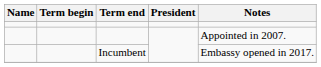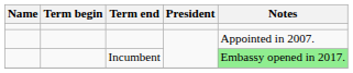 <table class="wikitable sortable"  text-align:center;">
 <tr>
 <th>Name</th>
 <th>Term begin</th>
 <th>Term end</th>
 <th>President</th>
 <th class="unsortable">Notes</th>
 </tr>
 <tr>
 <td></td>
 <td></td>
 <td></td>
 <td></td>
 <td></td>
 </tr>
 <tr>
 <td></td>
 <td></td>
 <td></td>
 <td rowspan=2></td>
 <td>Appointed in 2007.</td>
 </tr>
 <tr>
 <td></td>
 <td></td>
 <td>Incumbent</td>
-<td>Embassy opened in 2017.</td>
+<td style="background: lightgreen;">Embassy opened in 2017.</td>
 </tr>
 <tr>
 </tr>
 </table>
